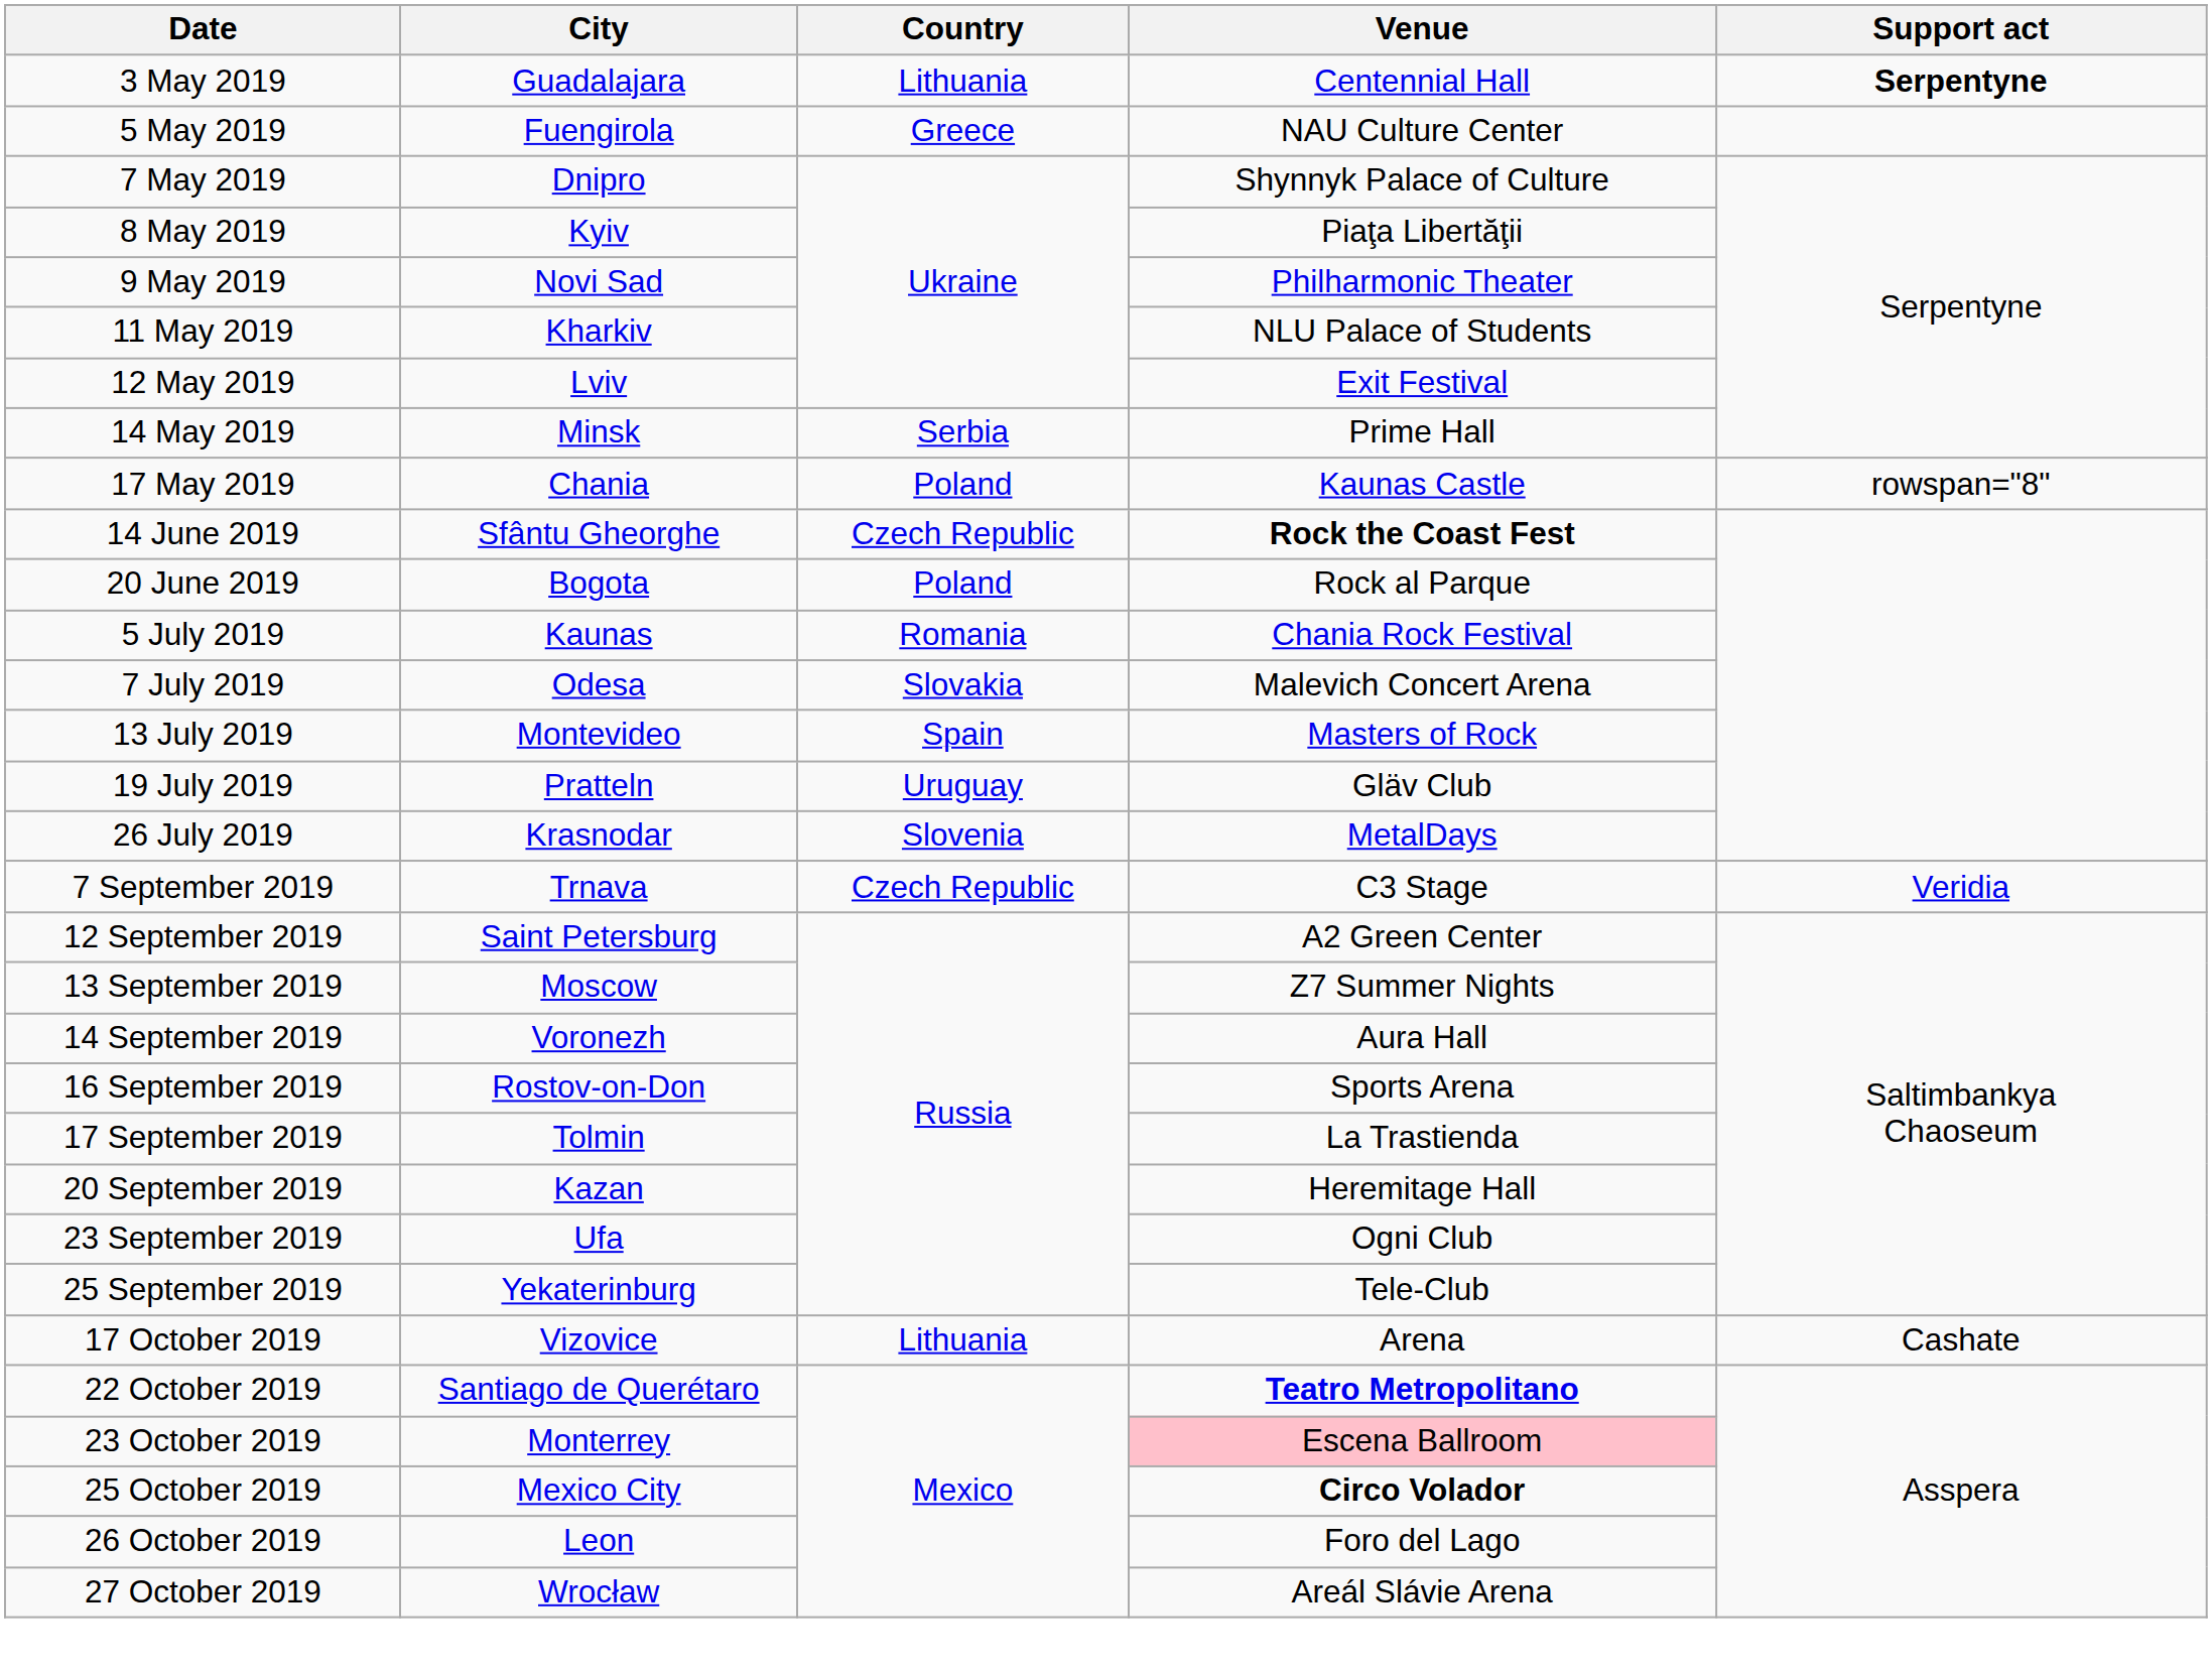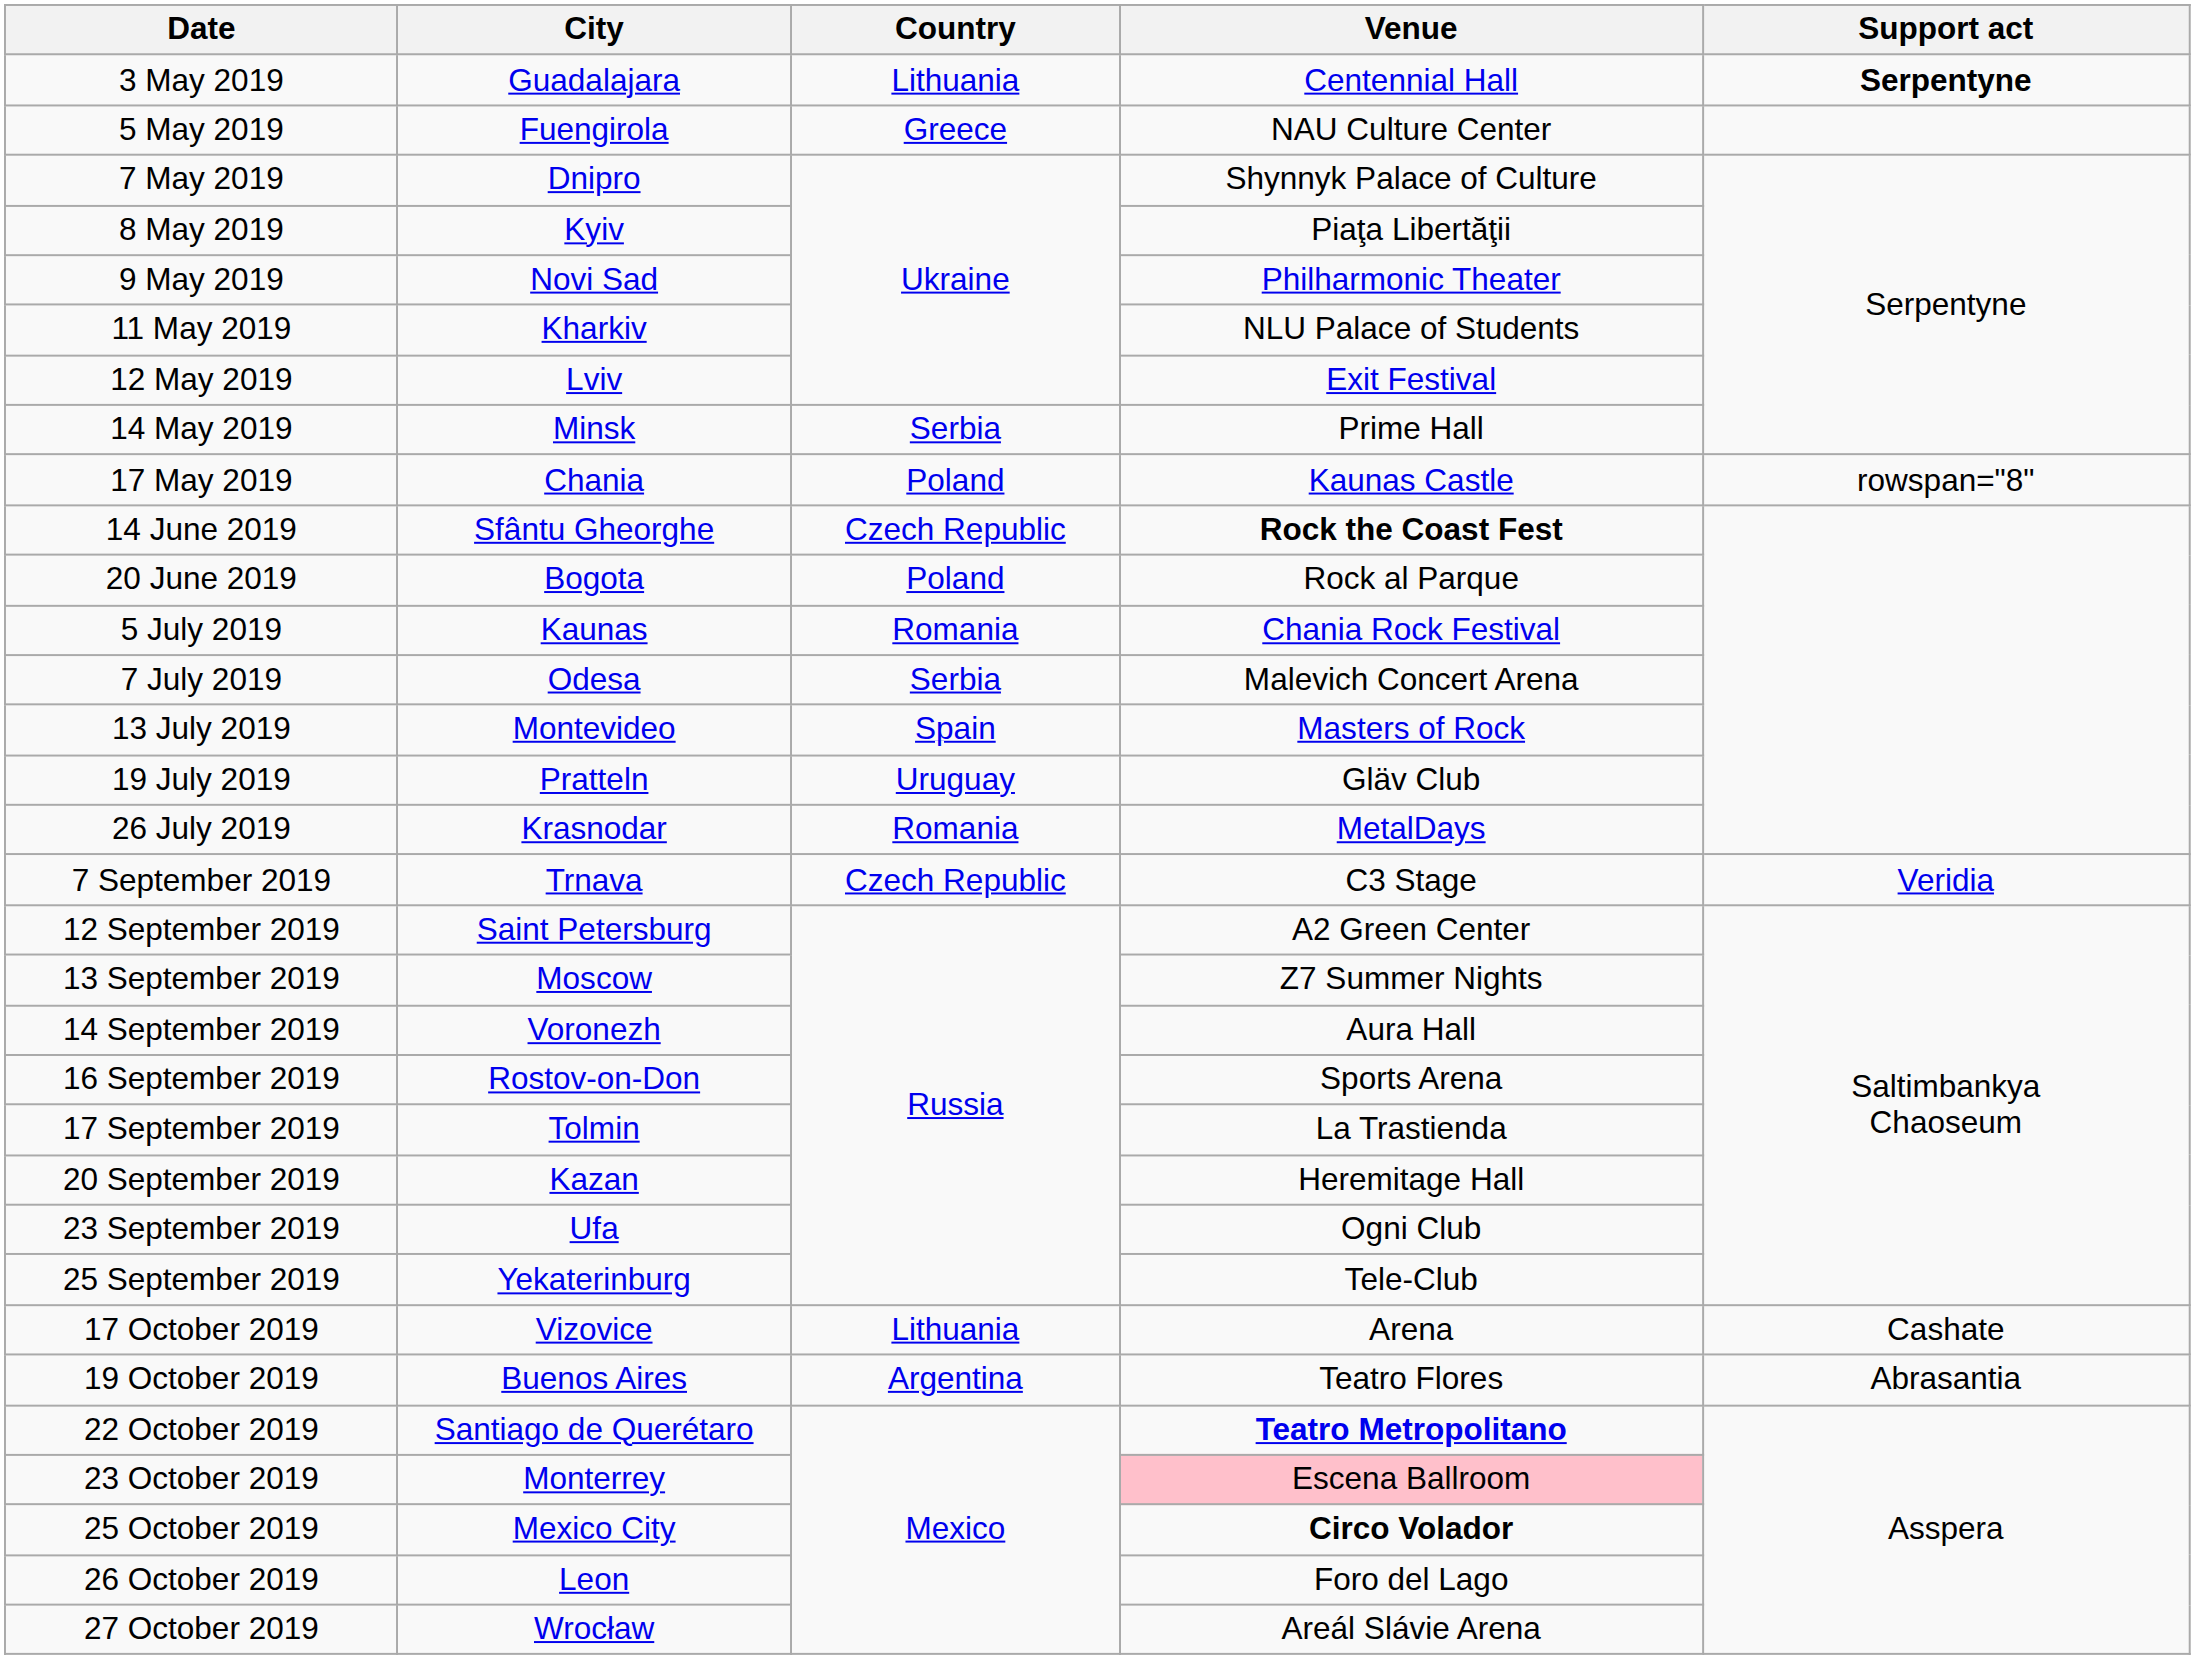 <table class="wikitable plainrowheaders" style="text-align:center;">
 <tr>
 <th scope="col" style="width:12em;">Date</th>
 <th scope="col" style="width:12em;">City</th>
 <th scope="col" style="width:10em;">Country</th>
 <th scope="col" style="width:18em;">Venue</th>
 <th scope="col" style="width:15em;">Support act</th>
 </tr>
 <tr>
 <td style="text-align:center">3 May 2019</td>
 <td style="text-align:center"><a href='#'>Guadalajara</a></td>
 <td style="text-align:center"><a href='#'>Lithuania</a></td>
 <td style="text-align:center"><a href='#'>Centennial Hall</a></td>
 <td style="text-align:center"><strong>Serpentyne</strong></td>
 </tr>
 <tr>
 <td style="text-align:center">5 May 2019</td>
 <td style="text-align:center"><a href='#'>Fuengirola</a></td>
 <td style="text-align:center"><a href='#'>Greece</a></td>
 <td style="text-align:center">NAU Culture Center</td>
 <td></td>
 </tr>
 <tr>
 <td style="text-align:center">7 May 2019</td>
 <td style="text-align:center"><a href='#'>Dnipro</a></td>
 <td style="text-align:center" rowspan="5"><a href='#'>Ukraine</a></td>
 <td style="text-align:center">Shynnyk Palace of Culture</td>
 <td style="text-align:center" rowspan="6">Serpentyne</td>
 </tr>
 <tr>
 <td style="text-align:center">8 May 2019</td>
 <td style="text-align:center"><a href='#'>Kyiv</a></td>
 <td style="text-align:center">Piaţa Libertăţii</td>
 </tr>
 <tr>
 <td style="text-align:center">9 May 2019</td>
 <td style="text-align:center"><a href='#'>Novi Sad</a></td>
 <td style="text-align:center"><a href='#'>Philharmonic Theater</a></td>
 </tr>
 <tr>
 <td style="text-align:center">11 May 2019</td>
 <td style="text-align:center"><a href='#'>Kharkiv</a></td>
 <td style="text-align:center">NLU Palace of Students</td>
 </tr>
 <tr>
 <td style="text-align:center">12 May 2019</td>
 <td style="text-align:center"><a href='#'>Lviv</a></td>
 <td style="text-align:center"><a href='#'>Exit Festival</a></td>
 </tr>
 <tr>
 <td style="text-align:center">14 May 2019</td>
 <td style="text-align:center"><a href='#'>Minsk</a></td>
 <td style="text-align:center"><a href='#'>Serbia</a></td>
 <td style="text-align:center">Prime Hall</td>
 </tr>
 <tr>
 <td style="text-align:center">17 May 2019</td>
 <td style="text-align:center"><a href='#'>Chania</a></td>
 <td style="text-align:center"><a href='#'>Poland</a></td>
 <td style="text-align:center"><a href='#'>Kaunas Castle</a></td>
 <td>rowspan="8" </td>
 </tr>
 <tr>
 <td style="text-align:center">14 June 2019</td>
 <td style="text-align:center"><a href='#'>Sfântu Gheorghe</a></td>
 <td style="text-align:center"><a href='#'>Czech Republic</a></td>
 <td style="text-align:center"><strong>Rock the Coast Fest</strong></td>
 </tr>
 <tr>
 <td style="text-align:center">20 June 2019</td>
 <td style="text-align:center"><a href='#'>Bogota</a></td>
 <td style="text-align:center"><a href='#'>Poland</a></td>
 <td style="text-align:center">Rock al Parque</td>
 </tr>
 <tr>
 <td style="text-align:center">5 July 2019</td>
 <td style="text-align:center"><a href='#'>Kaunas</a></td>
 <td style="text-align:center"><a href='#'>Romania</a></td>
 <td style="text-align:center"><a href='#'>Chania Rock Festival</a></td>
 </tr>
 <tr>
 <td style="text-align:center">7 July 2019</td>
 <td style="text-align:center"><a href='#'>Odesa</a></td>
-<td style="text-align:center"><a href='#'>Slovakia</a></td>
+<td style="text-align:center"><a href='#'>Serbia</a></td>
 <td style="text-align:center">Malevich Concert Arena</td>
 </tr>
 <tr>
 <td style="text-align:center">13 July 2019</td>
 <td style="text-align:center"><a href='#'>Montevideo</a></td>
 <td style="text-align:center"><a href='#'>Spain</a></td>
 <td style="text-align:center"><a href='#'>Masters of Rock</a></td>
 </tr>
 <tr>
 <td style="text-align:center">19 July 2019</td>
 <td style="text-align:center"><a href='#'>Pratteln</a></td>
 <td style="text-align:center"><a href='#'>Uruguay</a></td>
 <td style="text-align:center">Gläv Club</td>
 </tr>
 <tr>
 <td style="text-align:center">26 July 2019</td>
 <td style="text-align:center"><a href='#'>Krasnodar</a></td>
-<td style="text-align:center"><a href='#'>Slovenia</a></td>
+<td style="text-align:center"><a href='#'>Romania</a></td>
 <td style="text-align:center"><a href='#'>MetalDays</a></td>
 </tr>
 <tr>
 <td style="text-align:center">7 September 2019</td>
 <td style="text-align:center"><a href='#'>Trnava</a></td>
 <td style="text-align:center"><a href='#'>Czech Republic</a></td>
 <td style="text-align:center">C3 Stage</td>
 <td style="text-align:center"><a href='#'>Veridia</a></td>
 </tr>
 <tr>
 <td style="text-align:center">12 September 2019</td>
 <td style="text-align:center"><a href='#'>Saint Petersburg</a></td>
 <td style="text-align:center" rowspan="8"><a href='#'>Russia</a></td>
 <td style="text-align:center">A2 Green Center</td>
 <td style="text-align:center" rowspan="8">Saltimbankya <br>Chaoseum</td>
 </tr>
 <tr>
 <td style="text-align:center">13 September 2019</td>
 <td style="text-align:center"><a href='#'>Moscow</a></td>
 <td style="text-align:center">Z7 Summer Nights</td>
 </tr>
 <tr>
 <td style="text-align:center">14 September 2019</td>
 <td style="text-align:center"><a href='#'>Voronezh</a></td>
 <td style="text-align:center">Aura Hall</td>
 </tr>
 <tr>
 <td style="text-align:center">16 September 2019</td>
 <td style="text-align:center"><a href='#'>Rostov-on-Don</a></td>
 <td style="text-align:center">Sports Arena</td>
 </tr>
 <tr>
 <td style="text-align:center">17 September 2019</td>
 <td style="text-align:center"><a href='#'>Tolmin</a></td>
 <td style="text-align:center">La Trastienda</td>
 </tr>
 <tr>
 <td style="text-align:center">20 September 2019</td>
 <td style="text-align:center"><a href='#'>Kazan</a></td>
 <td style="text-align:center">Heremitage Hall</td>
 </tr>
 <tr>
 <td style="text-align:center">23 September 2019</td>
 <td style="text-align:center"><a href='#'>Ufa</a></td>
 <td style="text-align:center">Ogni Club</td>
 </tr>
 <tr>
 <td style="text-align:center">25 September 2019</td>
 <td style="text-align:center"><a href='#'>Yekaterinburg</a></td>
 <td style="text-align:center">Tele-Club</td>
 </tr>
 <tr>
 <td style="text-align:center">17 October 2019</td>
 <td style="text-align:center"><a href='#'>Vizovice</a></td>
 <td style="text-align:center"><a href='#'>Lithuania</a></td>
 <td style="text-align:center">Arena</td>
 <td style="text-align:center">Cashate</td>
 </tr>
 <tr>
+<td style="text-align:center">19 October 2019</td>
+<td style="text-align:center"><a href='#'>Buenos Aires</a></td>
+<td style="text-align:center"><a href='#'>Argentina</a></td>
+<td style="text-align:center">Teatro Flores</td>
+<td style="text-align:center">Abrasantia</td>
+</tr>
+<tr>
 <td style="text-align:center">22 October 2019</td>
 <td style="text-align:center"><a href='#'>Santiago de Querétaro</a></td>
 <td style="text-align:center" rowspan="5"><a href='#'>Mexico</a></td>
 <td style="text-align:center"><strong><a href='#'>Teatro Metropolitano</a></strong></td>
 <td style="text-align:center" rowspan="5">Asspera</td>
 </tr>
 <tr>
 <td style="text-align:center">23 October 2019</td>
 <td style="text-align:center"><a href='#'>Monterrey</a></td>
 <td style="background: pink; text-align:center">Escena Ballroom</td>
 </tr>
 <tr>
 <td style="text-align:center">25 October 2019</td>
 <td style="text-align:center"><a href='#'>Mexico City</a></td>
 <td style="text-align:center"><strong>Circo Volador</strong></td>
 </tr>
 <tr>
 <td style="text-align:center">26 October 2019</td>
 <td style="text-align:center"><a href='#'>Leon</a></td>
 <td style="text-align:center">Foro del Lago</td>
 </tr>
 <tr>
 <td style="text-align:center">27 October 2019</td>
 <td style="text-align:center"><a href='#'>Wrocław</a></td>
 <td style="text-align:center">Areál Slávie Arena</td>
 </tr>
 </table>
